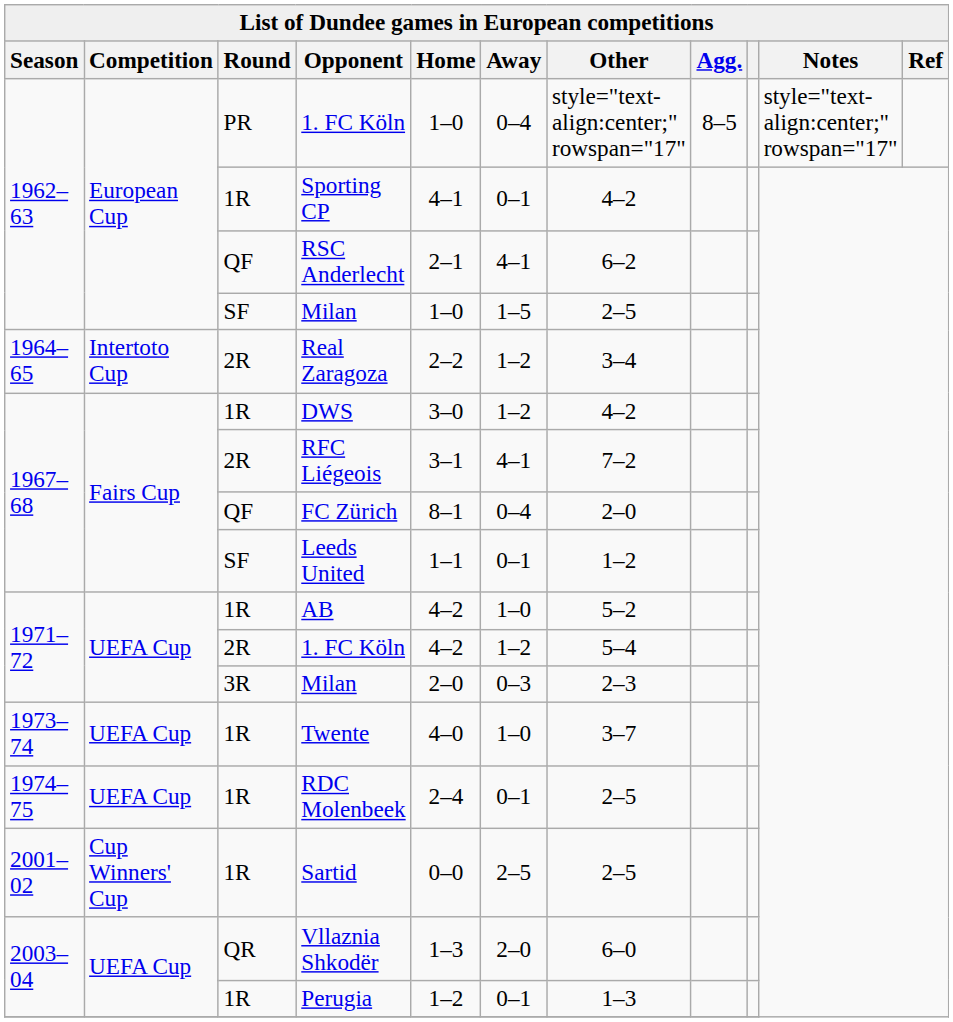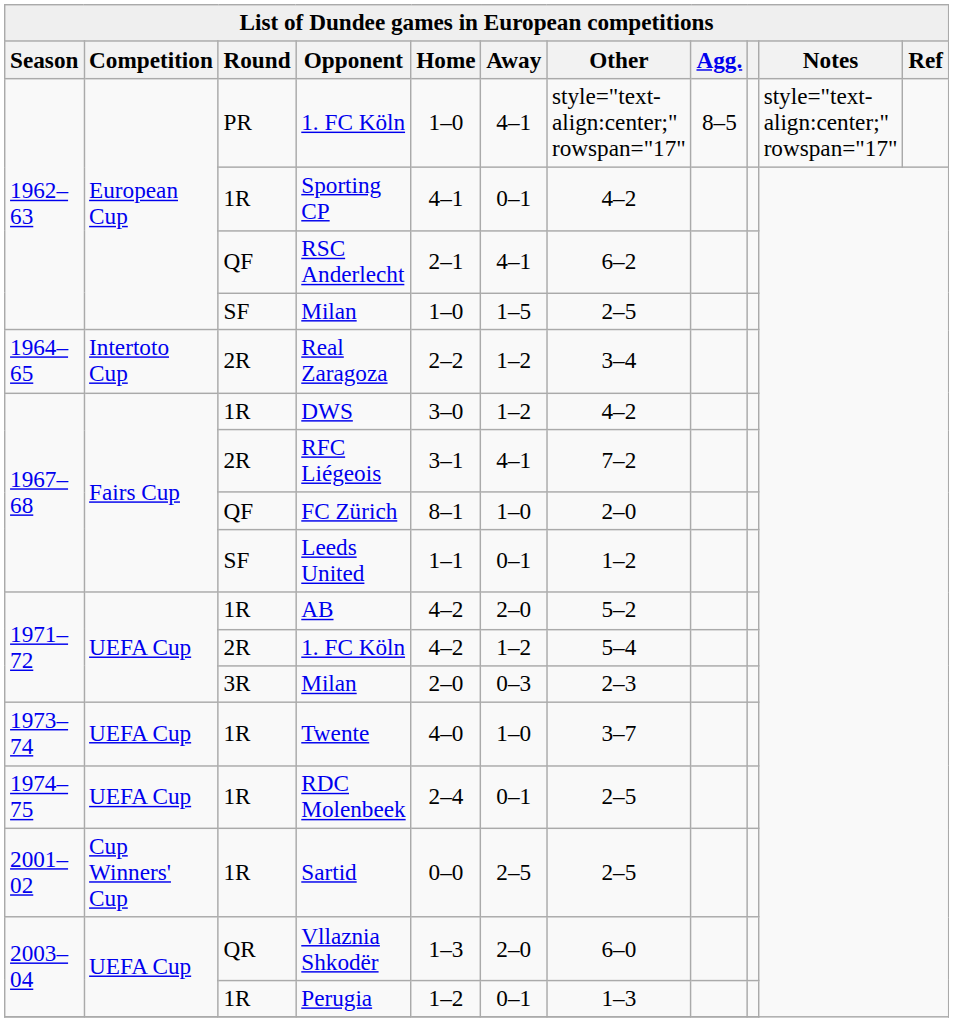 <table class="sortable plainrowheaders wikitable" width="65%" style="text-align: left;">
 <tr>
 <th style="background:#EFEFEF;" colspan=17>List of Dundee games in European competitions</th>
 </tr>
 <tr>
 <th>Season</th>
 <th>Competition</th>
 <th>Round</th>
 <th>Opponent</th>
 <th>Home</th>
 <th>Away</th>
 <th>Other</th>
 <th><a href='#'>Agg.</a></th>
 <th scope="col" width=15></th>
 <th class="unsortable">Notes</th>
 <th class="unsortable">Ref</th>
 </tr>
 <tr>
 <td rowspan=4><a href='#'>1962–63</a></td>
 <td rowspan=4><a href='#'>European Cup</a></td>
 <td>PR</td>
 <td> <a href='#'>1. FC Köln</a></td>
 <td align="center">1–0</td>
-<td align="center">0–4</td>
+<td align="center">4–1</td>
 <td>style="text-align:center;" rowspan="17" </td>
 <td align="center">8–5</td>
 <td align="center"></td>
 <td>style="text-align:center;" rowspan="17" </td>
 <td></td>
 </tr>
 <tr>
 <td>1R</td>
 <td> <a href='#'>Sporting CP</a></td>
 <td align="center">4–1</td>
 <td align="center">0–1</td>
 <td align="center">4–2</td>
 <td align="center"></td>
 <td></td>
 </tr>
 <tr>
 <td>QF</td>
 <td> <a href='#'>RSC Anderlecht</a></td>
 <td align="center">2–1</td>
 <td align="center">4–1</td>
 <td align="center">6–2</td>
 <td align="center"></td>
 <td></td>
 </tr>
 <tr>
 <td>SF</td>
 <td> <a href='#'>Milan</a></td>
 <td align="center">1–0</td>
 <td align="center">1–5</td>
 <td align="center">2–5</td>
 <td align="center"></td>
 <td></td>
 </tr>
 <tr>
 <td><a href='#'>1964–65</a></td>
 <td><a href='#'>Intertoto Cup</a></td>
 <td>2R</td>
 <td> <a href='#'>Real Zaragoza</a></td>
 <td align="center">2–2</td>
 <td align="center">1–2</td>
 <td align="center">3–4</td>
 <td align="center"></td>
 <td></td>
 </tr>
 <tr>
 <td rowspan=4><a href='#'>1967–68</a></td>
 <td rowspan=4><a href='#'>Fairs Cup</a></td>
 <td>1R</td>
 <td> <a href='#'>DWS</a></td>
 <td align="center">3–0</td>
 <td align="center">1–2</td>
 <td align="center">4–2</td>
 <td align="center"></td>
 <td></td>
 </tr>
 <tr>
 <td>2R</td>
 <td> <a href='#'>RFC Liégeois</a></td>
 <td align="center">3–1</td>
 <td align="center">4–1</td>
 <td align="center">7–2</td>
 <td align="center"></td>
 <td></td>
 </tr>
 <tr>
 <td>QF</td>
 <td> <a href='#'>FC Zürich</a></td>
 <td align="center">8–1</td>
-<td align="center">0–4</td>
+<td align="center">1–0</td>
 <td align="center">2–0</td>
 <td align="center"></td>
 <td></td>
 </tr>
 <tr>
 <td>SF</td>
 <td> <a href='#'>Leeds United</a></td>
 <td align="center">1–1</td>
 <td align="center">0–1</td>
 <td align="center">1–2</td>
 <td align="center"></td>
 <td align="center"></td>
 </tr>
 <tr>
 <td rowspan=3><a href='#'>1971–72</a></td>
 <td rowspan=3><a href='#'>UEFA Cup</a></td>
 <td>1R</td>
 <td> <a href='#'>AB</a></td>
 <td align="center">4–2</td>
-<td align="center">1–0</td>
+<td align="center">2–0</td>
 <td align="center">5–2</td>
 <td align="center"></td>
 <td></td>
 </tr>
 <tr>
 <td>2R</td>
 <td> <a href='#'>1. FC Köln</a></td>
 <td align="center">4–2</td>
 <td align="center">1–2</td>
 <td align="center">5–4</td>
 <td align="center"></td>
 <td></td>
 </tr>
 <tr>
 <td>3R</td>
 <td> <a href='#'>Milan</a></td>
 <td align="center">2–0</td>
 <td align="center">0–3</td>
 <td align="center">2–3</td>
 <td align="center"></td>
 <td></td>
 </tr>
 <tr>
 <td><a href='#'>1973–74</a></td>
 <td><a href='#'>UEFA Cup</a></td>
 <td>1R</td>
 <td> <a href='#'>Twente</a></td>
 <td align="center">4–0</td>
 <td align="center">1–0</td>
 <td align="center">3–7</td>
 <td align="center"></td>
 <td></td>
 </tr>
 <tr>
 <td><a href='#'>1974–75</a></td>
 <td><a href='#'>UEFA Cup</a></td>
 <td>1R</td>
 <td> <a href='#'>RDC Molenbeek</a></td>
 <td align="center">2–4</td>
 <td align="center">0–1</td>
 <td align="center">2–5</td>
 <td align="center"></td>
 <td></td>
 </tr>
 <tr>
 <td><a href='#'>2001–02</a></td>
 <td><a href='#'>Cup Winners' Cup</a></td>
 <td>1R</td>
 <td> <a href='#'>Sartid</a></td>
 <td align="center">0–0</td>
 <td align="center">2–5</td>
 <td align="center">2–5</td>
 <td align="center"></td>
 <td></td>
 </tr>
 <tr>
 <td rowspan=2><a href='#'>2003–04</a></td>
 <td rowspan=2><a href='#'>UEFA Cup</a></td>
 <td>QR</td>
 <td> <a href='#'>Vllaznia Shkodër</a></td>
 <td align="center">1–3</td>
 <td align="center">2–0</td>
 <td align="center">6–0</td>
 <td align="center"></td>
 <td></td>
 </tr>
 <tr>
 <td>1R</td>
 <td> <a href='#'>Perugia</a></td>
 <td align="center">1–2</td>
 <td align="center">0–1</td>
 <td align="center">1–3</td>
 <td align="center"></td>
 <td></td>
 </tr>
 <tr>
 </tr>
 </table>
